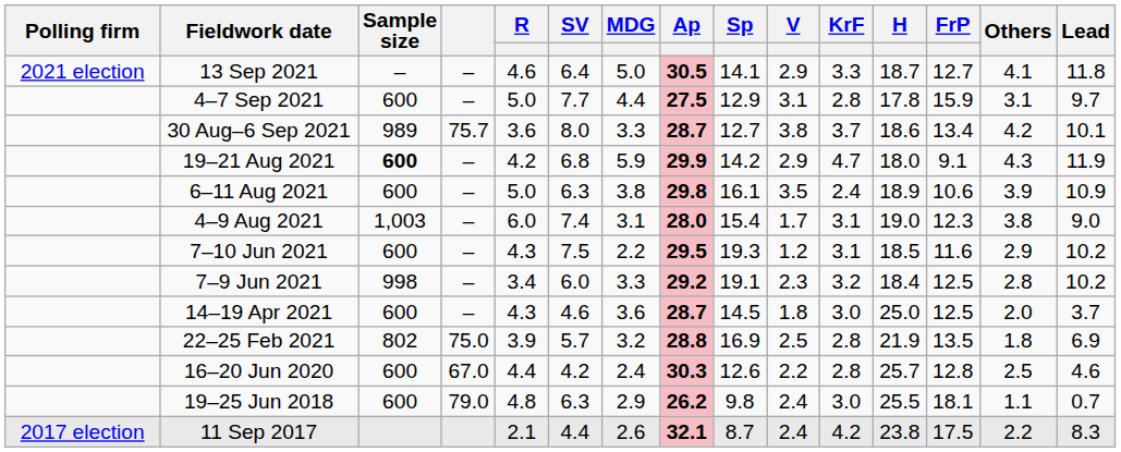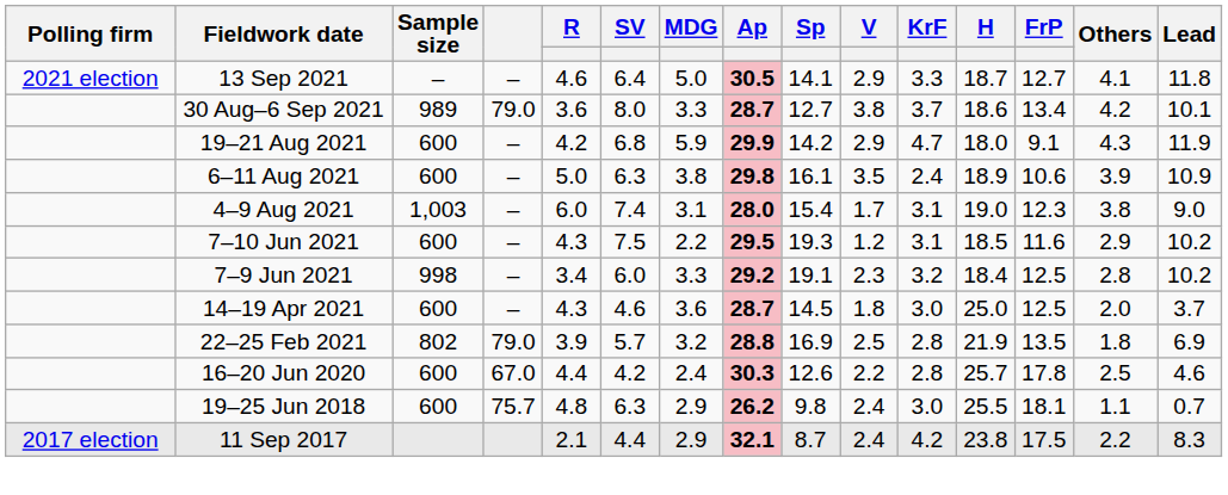 <table class="wikitable mw-collapsible sortable" style="text-align:center;font-size:90%;line-height:14px;">
 <tr>
 <th rowspan="2" style="width:100px;">Polling firm</th>
 <th rowspan="2" style="width:130px;">Fieldwork date</th>
 <th rowspan="2" style="width:35px;">Sample<br>size</th>
 <th rowspan="2" style="width:30px;"></th>
 <th class="unsortable" style="width:30px;"><a href='#'>R</a></th>
 <th class="unsortable" style="width:30px;"><a href='#'>SV</a></th>
 <th class="unsortable" style="width:30px;"><a href='#'>MDG</a></th>
 <th class="unsortable" style="width:30px;"><a href='#'>Ap</a></th>
 <th class="unsortable" style="width:30px;"><a href='#'>Sp</a></th>
 <th class="unsortable" style="width:30px;"><a href='#'>V</a></th>
 <th class="unsortable" style="width:30px;"><a href='#'>KrF</a></th>
 <th class="unsortable" style="width:30px;"><a href='#'>H</a></th>
 <th class="unsortable" style="width:30px;"><a href='#'>FrP</a></th>
 <th class="unsortable" style="width:20px;" rowspan="2">Others</th>
 <th rowspan="2" style="width:30px;">Lead</th>
 </tr>
 <tr>
 <th style="background:"></th>
 <th style="background:"></th>
 <th style="background:"></th>
 <th style="background:"></th>
 <th style="background:"></th>
 <th style="background:"></th>
 <th style="background:"></th>
 <th style="background:"></th>
 <th style="background:"></th>
 </tr>
 <tr>
 <td><a href='#'>2021 election</a></td>
 <td>13 Sep 2021</td>
 <td>–</td>
 <td>–</td>
 <td>4.6</td>
 <td>6.4</td>
 <td>5.0</td>
 <td style="background:#F7BDC5;"><strong>30.5</strong></td>
 <td>14.1</td>
 <td>2.9</td>
 <td>3.3</td>
 <td>18.7</td>
 <td>12.7</td>
 <td>4.1</td>
 <td style="background:">11.8</td>
 </tr>
 <tr>
 <td></td>
-<td>4–7 Sep 2021</td>
-<td>600</td>
-<td>–</td>
-<td>5.0</td>
-<td>7.7</td>
-<td>4.4</td>
-<td style="background:#F7BDC5;"><strong>27.5</strong></td>
-<td>12.9</td>
-<td>3.1</td>
-<td>2.8</td>
-<td>17.8</td>
-<td>15.9</td>
-<td>3.1</td>
-<td style="background:">9.7</td>
-</tr>
-<tr>
-<td></td>
 <td>30 Aug–6 Sep 2021</td>
 <td>989</td>
-<td>75.7</td>
+<td>79.0</td>
 <td>3.6</td>
 <td>8.0</td>
 <td>3.3</td>
 <td style="background:#F7BDC5;"><strong>28.7</strong></td>
 <td>12.7</td>
 <td>3.8</td>
 <td>3.7</td>
 <td>18.6</td>
 <td>13.4</td>
 <td>4.2</td>
 <td style="background:">10.1</td>
 </tr>
 <tr>
 <td></td>
 <td>19–21 Aug 2021</td>
-<td><strong>600</strong></td>
+<td>600</td>
 <td>–</td>
 <td>4.2</td>
 <td>6.8</td>
 <td>5.9</td>
 <td style="background:#F7BDC5;"><strong>29.9</strong></td>
 <td>14.2</td>
 <td>2.9</td>
 <td>4.7</td>
 <td>18.0</td>
 <td>9.1</td>
 <td>4.3</td>
 <td style="background:">11.9</td>
 </tr>
 <tr>
 <td></td>
 <td>6–11 Aug 2021</td>
 <td>600</td>
 <td>–</td>
 <td>5.0</td>
 <td>6.3</td>
 <td>3.8</td>
 <td style="background:#F7BDC5;"><strong>29.8</strong></td>
 <td>16.1</td>
 <td>3.5</td>
 <td>2.4</td>
 <td>18.9</td>
 <td>10.6</td>
 <td>3.9</td>
 <td style="background:">10.9</td>
 </tr>
 <tr>
 <td></td>
 <td>4–9 Aug 2021</td>
 <td>1,003</td>
 <td>–</td>
 <td>6.0</td>
 <td>7.4</td>
 <td>3.1</td>
 <td style="background:#F7BDC5;"><strong>28.0</strong></td>
 <td>15.4</td>
 <td>1.7</td>
 <td>3.1</td>
 <td>19.0</td>
 <td>12.3</td>
 <td>3.8</td>
 <td style="background:">9.0</td>
 </tr>
 <tr>
 <td></td>
 <td>7–10 Jun 2021</td>
 <td>600</td>
 <td>–</td>
 <td>4.3</td>
 <td>7.5</td>
 <td>2.2</td>
 <td style="background:#F7BDC5;"><strong>29.5</strong></td>
 <td>19.3</td>
 <td>1.2</td>
 <td>3.1</td>
 <td>18.5</td>
 <td>11.6</td>
 <td>2.9</td>
 <td style="background:">10.2</td>
 </tr>
 <tr>
 <td></td>
 <td>7–9 Jun 2021</td>
 <td>998</td>
 <td>–</td>
 <td>3.4</td>
 <td>6.0</td>
 <td>3.3</td>
 <td style="background:#F7BDC5;"><strong>29.2</strong></td>
 <td>19.1</td>
 <td>2.3</td>
 <td>3.2</td>
 <td>18.4</td>
 <td>12.5</td>
 <td>2.8</td>
 <td style="background:">10.2</td>
 </tr>
 <tr>
 <td></td>
 <td>14–19 Apr 2021</td>
 <td>600</td>
 <td>–</td>
 <td>4.3</td>
 <td>4.6</td>
 <td>3.6</td>
 <td style="background:#F7BDC5;"><strong>28.7</strong></td>
 <td>14.5</td>
 <td>1.8</td>
 <td>3.0</td>
 <td>25.0</td>
 <td>12.5</td>
 <td>2.0</td>
 <td style="background:">3.7</td>
 </tr>
 <tr>
 <td></td>
 <td>22–25 Feb 2021</td>
 <td>802</td>
-<td>75.0</td>
+<td>79.0</td>
 <td>3.9</td>
 <td>5.7</td>
 <td>3.2</td>
 <td style="background:#F7BDC5;"><strong>28.8</strong></td>
 <td>16.9</td>
 <td>2.5</td>
 <td>2.8</td>
 <td>21.9</td>
 <td>13.5</td>
 <td>1.8</td>
 <td style="background:">6.9</td>
 </tr>
 <tr>
 <td></td>
 <td>16–20 Jun 2020</td>
 <td>600</td>
 <td>67.0</td>
 <td>4.4</td>
 <td>4.2</td>
 <td>2.4</td>
 <td style="background:#F7BDC5;"><strong>30.3</strong></td>
 <td>12.6</td>
 <td>2.2</td>
 <td>2.8</td>
 <td>25.7</td>
-<td>12.8</td>
+<td>17.8</td>
 <td>2.5</td>
 <td style="background:">4.6</td>
 </tr>
 <tr>
 <td></td>
 <td>19–25 Jun 2018</td>
 <td>600</td>
-<td>79.0</td>
+<td>75.7</td>
 <td>4.8</td>
 <td>6.3</td>
 <td>2.9</td>
 <td style="background:#F7BDC5;"><strong>26.2</strong></td>
 <td>9.8</td>
 <td>2.4</td>
 <td>3.0</td>
 <td>25.5</td>
 <td>18.1</td>
 <td>1.1</td>
 <td style="background:">0.7</td>
 </tr>
 <tr style="background:#E9E9E9;">
 <td><a href='#'>2017 election</a></td>
 <td>11 Sep 2017</td>
 <td></td>
 <td></td>
 <td>2.1</td>
 <td>4.4</td>
-<td>2.6</td>
+<td>2.9</td>
 <td style="background:#F7BDC5;"><strong>32.1</strong></td>
 <td>8.7</td>
 <td>2.4</td>
 <td>4.2</td>
 <td>23.8</td>
 <td>17.5</td>
 <td>2.2</td>
 <td style="background:">8.3</td>
 </tr>
 </table>
